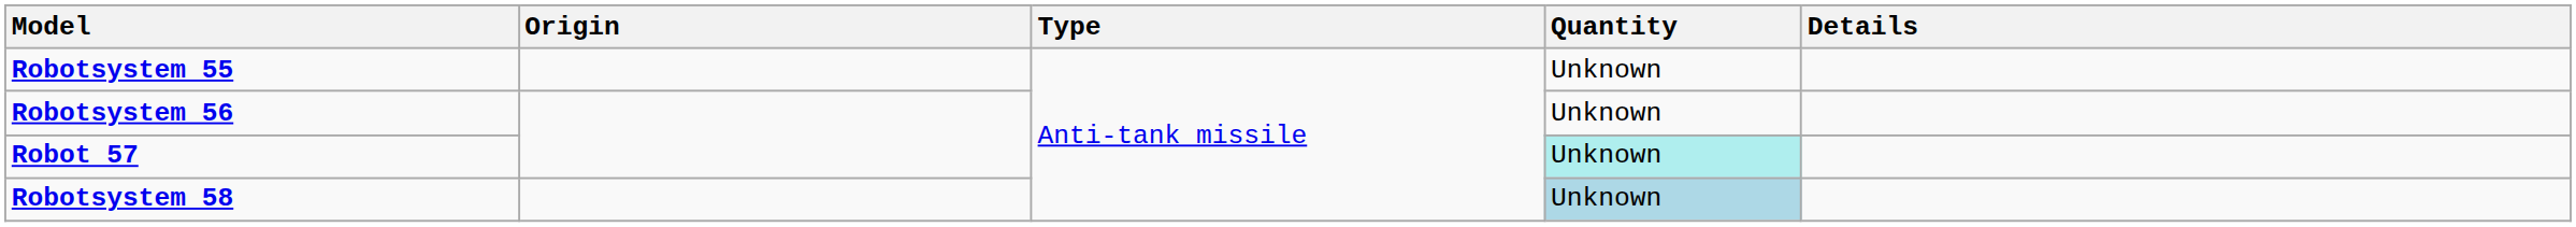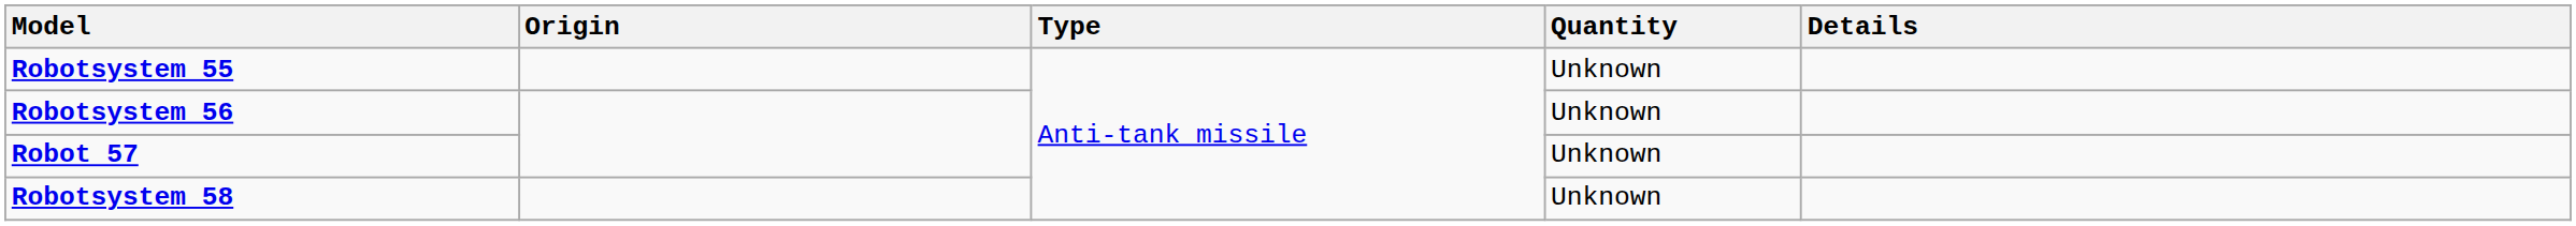 <table class="wikitable" style="width:100%;">
 <tr>
 <th style="text-align:left;width:20%;">Model</th>
 <th style="text-align:left;width:20%;">Origin</th>
 <th style="text-align:left;width:20%;">Type</th>
 <th style="text-align:left;width:10%;">Quantity</th>
 <th style="text-align:left;width:30%;">Details</th>
 </tr>
 <tr>
 <td><strong><a href='#'>Robot­system 55</a></strong></td>
 <td></td>
 <td rowspan="4"><a href='#'>Anti-tank missile</a></td>
 <td>Unknown</td>
 <td></td>
 </tr>
 <tr>
 <td><strong><a href='#'>Robot­system 56</a></strong></td>
 <td rowspan="2"></td>
 <td>Unknown</td>
 <td></td>
 </tr>
 <tr>
 <td><strong><a href='#'>Robot 57</a></strong></td>
-<td style="background: paleturquoise;">Unknown</td>
+<td>Unknown</td>
 <td></td>
 </tr>
 <tr>
 <td><strong><a href='#'>Robot­system 58</a></strong></td>
 <td></td>
-<td style="background: lightblue;">Unknown</td>
+<td>Unknown</td>
 <td></td>
 </tr>
 </table>
